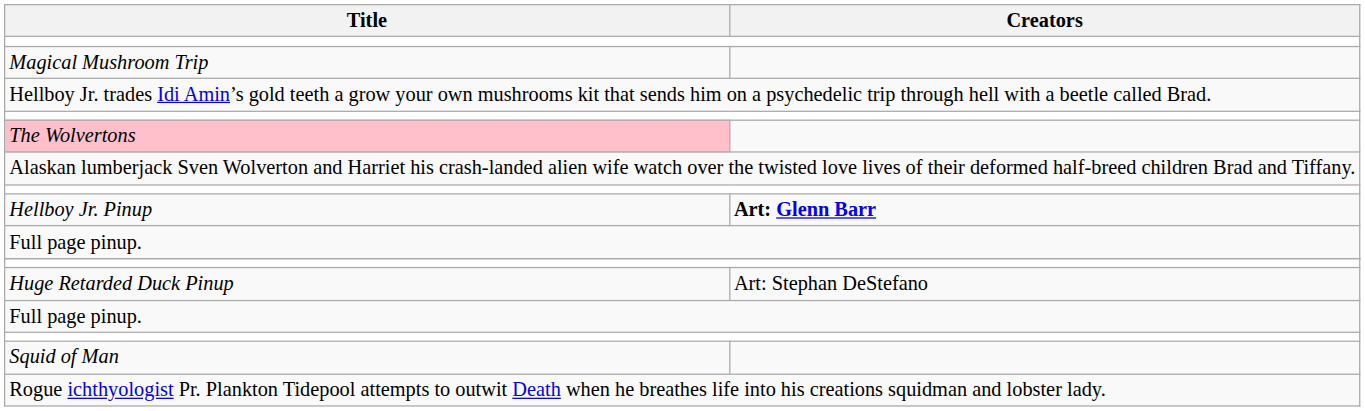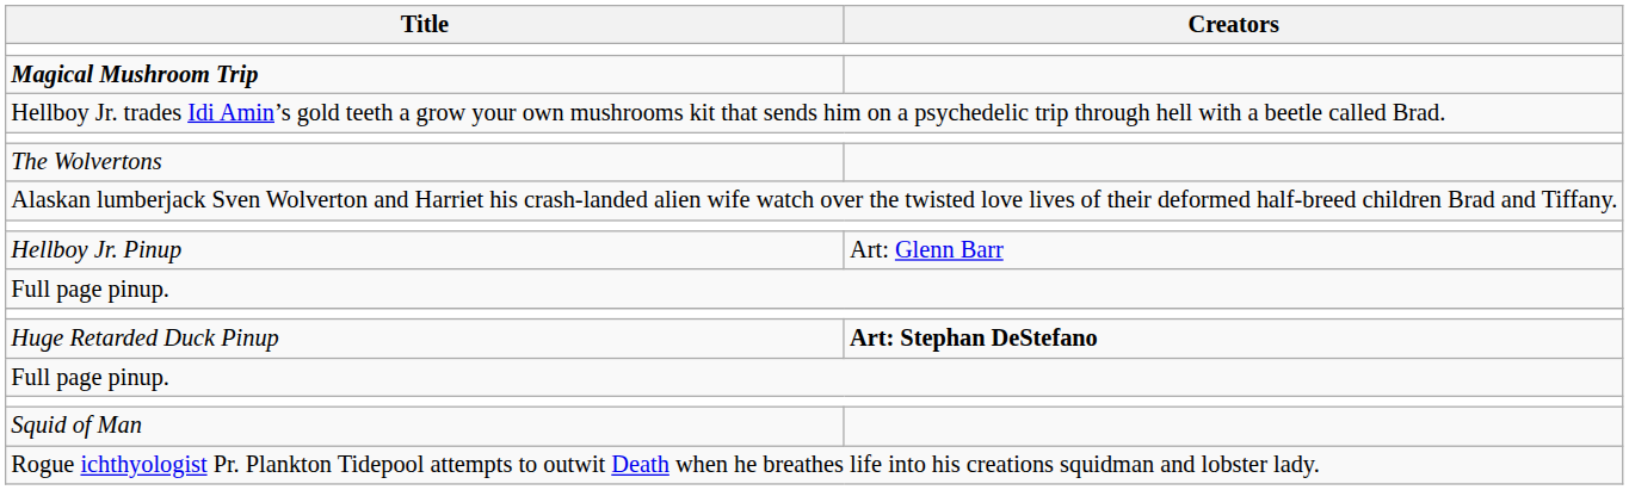 <table class="wikitable">
 <tr>
 <th>Title</th>
 <th>Creators</th>
 </tr>
 <tr>
 <td colspan="6" bgcolor="#FFFFFF"></td>
 </tr>
 <tr>
-<td><em>Magical Mushroom Trip</em></td>
+<td><strong><em>Magical Mushroom Trip</em></strong></td>
 <td></td>
 </tr>
 <tr>
 <td colspan="6">Hellboy Jr. trades <a href='#'>Idi Amin</a>’s gold teeth a grow your own mushrooms kit that sends him on a psychedelic trip through hell with a beetle called Brad.</td>
 </tr>
 <tr>
 <td colspan="6" bgcolor="#FFFFFF"></td>
 </tr>
 <tr>
-<td style="background: pink;"><em>The Wolvertons</em></td>
+<td><em>The Wolvertons</em></td>
 <td></td>
 </tr>
 <tr>
 <td colspan="6">Alaskan lumberjack Sven Wolverton and Harriet his crash-landed alien wife watch over the twisted love lives of their deformed half-breed children Brad and Tiffany.</td>
 </tr>
 <tr>
 <td colspan="6" bgcolor="#FFFFFF"></td>
 </tr>
 <tr>
 <td><em>Hellboy Jr. Pinup</em></td>
-<td><strong>Art: <a href='#'>Glenn Barr</a></strong></td>
+<td>Art: <a href='#'>Glenn Barr</a></td>
 </tr>
 <tr>
 <td colspan="6">Full page pinup.</td>
 </tr>
 <tr>
 </tr>
 <tr>
 <td colspan="6" bgcolor="#FFFFFF"></td>
 </tr>
 <tr>
 <td><em>Huge Retarded Duck Pinup</em></td>
-<td>Art: Stephan DeStefano</td>
+<td><strong>Art: Stephan DeStefano</strong></td>
 </tr>
 <tr>
 <td colspan="6">Full page pinup.</td>
 </tr>
 <tr>
 <td colspan="6" bgcolor="#FFFFFF"></td>
 </tr>
 <tr>
 <td><em>Squid of Man</em></td>
 <td></td>
 </tr>
 <tr>
 <td colspan="6">Rogue <a href='#'>ichthyologist</a> Pr. Plankton Tidepool attempts to outwit <a href='#'>Death</a> when he breathes life into his creations squidman and lobster lady.</td>
 </tr>
 </table>
